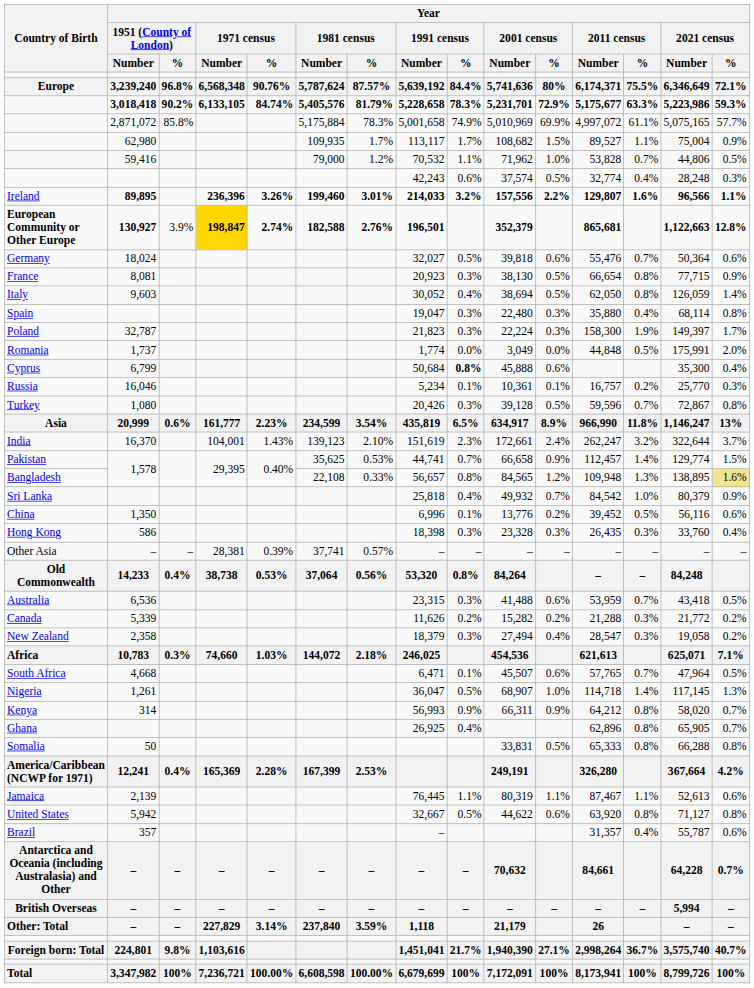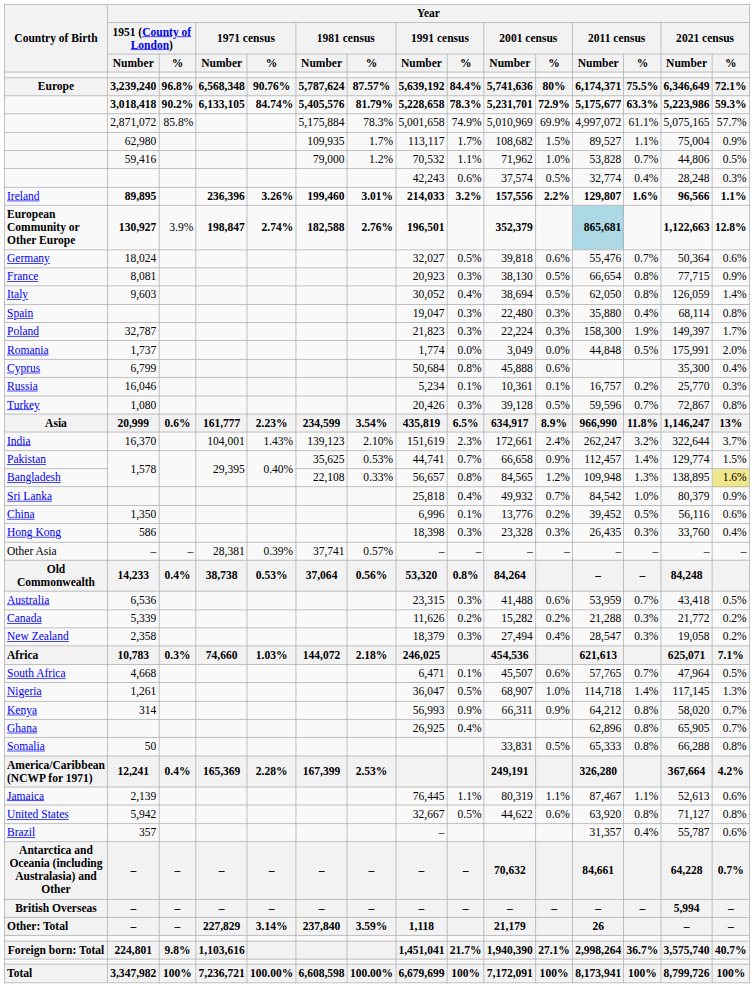 <table class="wikitable sortable mw-collapsible" style="text-align:right">
 <tr>
 <th rowspan="3">Country of Birth</th>
 <th colspan="14">Year</th>
 </tr>
 <tr>
 <th colspan="2">1951 (<a href='#'>County of London</a>)</th>
 <th colspan="2">1971 census</th>
 <th colspan="2">1981 census</th>
 <th colspan="2">1991 census</th>
 <th colspan="2">2001 census</th>
 <th colspan="2">2011 census</th>
 <th colspan="2">2021 census</th>
 </tr>
 <tr>
 <th>Number</th>
 <th>%</th>
 <th>Number</th>
 <th>%</th>
 <th>Number</th>
 <th>%</th>
 <th>Number</th>
 <th>%</th>
 <th>Number</th>
 <th>%</th>
 <th>Number</th>
 <th>%</th>
 <th>Number</th>
 <th>%</th>
 </tr>
 <tr>
 <td></td>
 <td></td>
 <td></td>
 <td></td>
 <td></td>
 <td></td>
 <td></td>
 <td></td>
 <td></td>
 <td></td>
 <td></td>
 <td></td>
 <td></td>
 <td></td>
 <td></td>
 </tr>
 <tr>
 <th>Europe</th>
 <th>3,239,240</th>
 <th>96.8%</th>
 <th>6,568,348</th>
 <th>90.76%</th>
 <th>5,787,624</th>
 <th>87.57%</th>
 <th>5,639,192</th>
 <th>84.4%</th>
 <th>5,741,636</th>
 <th>80%</th>
 <th>6,174,371</th>
 <th>75.5%</th>
 <th>6,346,649</th>
 <th>72.1%</th>
 </tr>
 <tr>
 <td scope="row" style="text-align:left"></td>
 <td><strong>3,018,418</strong></td>
 <td><strong>90.2%</strong></td>
 <td><strong>6,133,105</strong></td>
 <td><strong>84.74%</strong></td>
 <td><strong>5,405,576</strong></td>
 <td><strong>81.79%</strong></td>
 <td><strong>5,228,658</strong></td>
 <td><strong>78.3%</strong></td>
 <td><strong>5,231,701</strong></td>
 <td><strong>72.9%</strong></td>
 <td><strong>5,175,677</strong></td>
 <td><strong>63.3%</strong></td>
 <td><strong>5,223,986</strong></td>
 <td><strong>59.3%</strong></td>
 </tr>
 <tr>
 <td scope="row" style="text-align:left"></td>
 <td>2,871,072</td>
 <td>85.8%</td>
 <td></td>
 <td></td>
 <td>5,175,884</td>
 <td>78.3%</td>
 <td>5,001,658</td>
 <td>74.9%</td>
 <td>5,010,969</td>
 <td>69.9%</td>
 <td>4,997,072</td>
 <td>61.1%</td>
 <td>5,075,165</td>
 <td>57.7%</td>
 </tr>
 <tr>
 <td scope="row" style="text-align:left"></td>
 <td>62,980</td>
 <td></td>
 <td></td>
 <td></td>
 <td>109,935</td>
 <td>1.7%</td>
 <td>113,117</td>
 <td>1.7%</td>
 <td>108,682</td>
 <td>1.5%</td>
 <td>89,527</td>
 <td>1.1%</td>
 <td>75,004</td>
 <td>0.9%</td>
 </tr>
 <tr>
 <td scope="row" style="text-align:left"></td>
 <td>59,416</td>
 <td></td>
 <td></td>
 <td></td>
 <td>79,000</td>
 <td>1.2%</td>
 <td>70,532</td>
 <td>1.1%</td>
 <td>71,962</td>
 <td>1.0%</td>
 <td>53,828</td>
 <td>0.7%</td>
 <td>44,806</td>
 <td>0.5%</td>
 </tr>
 <tr>
 <td scope="row" style="text-align:left"></td>
 <td></td>
 <td></td>
 <td></td>
 <td></td>
 <td></td>
 <td></td>
 <td>42,243</td>
 <td>0.6%</td>
 <td>37,574</td>
 <td>0.5%</td>
 <td>32,774</td>
 <td>0.4%</td>
 <td>28,248</td>
 <td>0.3%</td>
 </tr>
 <tr>
 <td scope="row" style="text-align:left"> <a href='#'>Ireland</a></td>
 <td><strong>89,895</strong></td>
 <td></td>
 <td><strong>236,396</strong></td>
 <td><strong>3.26%</strong></td>
 <td><strong>199,460</strong></td>
 <td><strong>3.01%</strong></td>
 <td><strong>214,033</strong></td>
 <td><strong>3.2%</strong></td>
 <td><strong>157,556</strong></td>
 <td><strong>2.2%</strong></td>
 <td><strong>129,807</strong></td>
 <td><strong>1.6%</strong></td>
 <td><strong>96,566</strong></td>
 <td><strong>1.1%</strong></td>
 </tr>
 <tr>
 <td scope="row" style="text-align:left"><strong>European Community or Other Europe</strong></td>
 <td><strong>130,927</strong></td>
 <td>3.9%</td>
-<td style="background: gold;"><strong>198,847</strong></td>
+<td><strong>198,847</strong></td>
 <td><strong>2.74%</strong></td>
 <td><strong>182,588</strong></td>
 <td><strong>2.76%</strong></td>
 <td><strong>196,501</strong></td>
 <td></td>
 <td><strong>352,379</strong></td>
 <td></td>
-<td><strong>865,681</strong></td>
+<td style="background: lightblue;"><strong>865,681</strong></td>
 <td></td>
 <td><strong>1,122,663</strong></td>
 <td><strong>12.8%</strong></td>
 </tr>
 <tr>
 <td scope="row" style="text-align:left"> <a href='#'>Germany</a></td>
 <td>18,024</td>
 <td></td>
 <td></td>
 <td></td>
 <td></td>
 <td></td>
 <td>32,027</td>
 <td>0.5%</td>
 <td>39,818</td>
 <td>0.6%</td>
 <td>55,476</td>
 <td>0.7%</td>
 <td>50,364</td>
 <td>0.6%</td>
 </tr>
 <tr>
 <td scope="row" style="text-align:left"> <a href='#'>France</a></td>
 <td>8,081</td>
 <td></td>
 <td></td>
 <td></td>
 <td></td>
 <td></td>
 <td>20,923</td>
 <td>0.3%</td>
 <td>38,130</td>
 <td>0.5%</td>
 <td>66,654</td>
 <td>0.8%</td>
 <td>77,715</td>
 <td>0.9%</td>
 </tr>
 <tr>
 <td scope="row" style="text-align:left"> <a href='#'>Italy</a></td>
 <td>9,603</td>
 <td></td>
 <td></td>
 <td></td>
 <td></td>
 <td></td>
 <td>30,052</td>
 <td>0.4%</td>
 <td>38,694</td>
 <td>0.5%</td>
 <td>62,050</td>
 <td>0.8%</td>
 <td>126,059</td>
 <td>1.4%</td>
 </tr>
 <tr>
 <td scope="row" style="text-align:left"> <a href='#'>Spain</a></td>
 <td></td>
 <td></td>
 <td></td>
 <td></td>
 <td></td>
 <td></td>
 <td>19,047</td>
 <td>0.3%</td>
 <td>22,480</td>
 <td>0.3%</td>
 <td>35,880</td>
 <td>0.4%</td>
 <td>68,114</td>
 <td>0.8%</td>
 </tr>
 <tr>
 <td scope="row" style="text-align:left"> <a href='#'>Poland</a></td>
 <td>32,787</td>
 <td></td>
 <td></td>
 <td></td>
 <td></td>
 <td></td>
 <td>21,823</td>
 <td>0.3%</td>
 <td>22,224</td>
 <td>0.3%</td>
 <td>158,300</td>
 <td>1.9%</td>
 <td>149,397</td>
 <td>1.7%</td>
 </tr>
 <tr>
 <td scope="row" style="text-align:left"> <a href='#'>Romania</a></td>
 <td>1,737</td>
 <td></td>
 <td></td>
 <td></td>
 <td></td>
 <td></td>
 <td>1,774</td>
 <td>0.0%</td>
 <td>3,049</td>
 <td>0.0%</td>
 <td>44,848</td>
 <td>0.5%</td>
 <td>175,991</td>
 <td>2.0%</td>
 </tr>
 <tr>
 <td scope="row" style="text-align:left"> <a href='#'>Cyprus</a></td>
 <td>6,799</td>
 <td></td>
 <td></td>
 <td></td>
 <td></td>
 <td></td>
 <td>50,684</td>
-<td><strong>0.8%</strong></td>
+<td>0.8%</td>
 <td>45,888</td>
 <td>0.6%</td>
 <td></td>
 <td></td>
 <td>35,300</td>
 <td>0.4%</td>
 </tr>
 <tr>
 <td scope="row" style="text-align:left"> <a href='#'>Russia</a></td>
 <td>16,046</td>
 <td></td>
 <td></td>
 <td></td>
 <td></td>
 <td></td>
 <td>5,234</td>
 <td>0.1%</td>
 <td>10,361</td>
 <td>0.1%</td>
 <td>16,757</td>
 <td>0.2%</td>
 <td>25,770</td>
 <td>0.3%</td>
 </tr>
 <tr>
 <td scope="row" style="text-align:left"> <a href='#'>Turkey</a></td>
 <td>1,080</td>
 <td></td>
 <td></td>
 <td></td>
 <td></td>
 <td></td>
 <td>20,426</td>
 <td>0.3%</td>
 <td>39,128</td>
 <td>0.5%</td>
 <td>59,596</td>
 <td>0.7%</td>
 <td>72,867</td>
 <td>0.8%</td>
 </tr>
 <tr>
 <th>Asia</th>
 <th>20,999</th>
 <th>0.6%</th>
 <th>161,777</th>
 <th>2.23%</th>
 <th>234,599</th>
 <th>3.54%</th>
 <th>435,819</th>
 <th>6.5%</th>
 <th>634,917</th>
 <th>8.9%</th>
 <th>966,990</th>
 <th>11.8%</th>
 <th>1,146,247</th>
 <th>13%</th>
 </tr>
 <tr>
 <td scope="row" style="text-align:left"> <a href='#'>India</a></td>
 <td>16,370</td>
 <td></td>
 <td>104,001</td>
 <td>1.43%</td>
 <td>139,123</td>
 <td>2.10%</td>
 <td>151,619</td>
 <td>2.3%</td>
 <td>172,661</td>
 <td>2.4%</td>
 <td>262,247</td>
 <td>3.2%</td>
 <td>322,644</td>
 <td>3.7%</td>
 </tr>
 <tr>
 <td scope="row" style="text-align:left"> <a href='#'>Pakistan</a></td>
 <td rowspan="2">1,578</td>
 <td rowspan="2"></td>
 <td rowspan="2">29,395</td>
 <td rowspan="2">0.40%</td>
 <td>35,625</td>
 <td>0.53%</td>
 <td>44,741</td>
 <td>0.7%</td>
 <td>66,658</td>
 <td>0.9%</td>
 <td>112,457</td>
 <td>1.4%</td>
 <td>129,774</td>
 <td>1.5%</td>
 </tr>
 <tr>
 <td scope="row" style="text-align:left"> <a href='#'>Bangladesh</a></td>
 <td>22,108</td>
 <td>0.33%</td>
 <td>56,657</td>
 <td>0.8%</td>
 <td>84,565</td>
 <td>1.2%</td>
 <td>109,948</td>
 <td>1.3%</td>
 <td>138,895</td>
 <td style="background: khaki;">1.6%</td>
 </tr>
 <tr>
 <td scope="row" style="text-align:left"> <a href='#'>Sri Lanka</a></td>
 <td></td>
 <td></td>
 <td></td>
 <td></td>
 <td></td>
 <td></td>
 <td>25,818</td>
 <td>0.4%</td>
 <td>49,932</td>
 <td>0.7%</td>
 <td>84,542</td>
 <td>1.0%</td>
 <td>80,379</td>
 <td>0.9%</td>
 </tr>
 <tr>
 <td scope="row" style="text-align:left"> <a href='#'>China</a></td>
 <td>1,350</td>
 <td></td>
 <td></td>
 <td></td>
 <td></td>
 <td></td>
 <td>6,996</td>
 <td>0.1%</td>
 <td>13,776</td>
 <td>0.2%</td>
 <td>39,452</td>
 <td>0.5%</td>
 <td>56,116</td>
 <td>0.6%</td>
 </tr>
 <tr>
 <td scope="row" style="text-align:left"> <a href='#'>Hong Kong</a></td>
 <td>586</td>
 <td></td>
 <td></td>
 <td></td>
 <td></td>
 <td></td>
 <td>18,398</td>
 <td>0.3%</td>
 <td>23,328</td>
 <td>0.3%</td>
 <td>26,435</td>
 <td>0.3%</td>
 <td>33,760</td>
 <td>0.4%</td>
 </tr>
 <tr>
 <td scope="row" style="text-align:left">Other Asia</td>
 <td>–</td>
 <td>–</td>
 <td>28,381</td>
 <td>0.39%</td>
 <td>37,741</td>
 <td>0.57%</td>
 <td>–</td>
 <td>–</td>
 <td>–</td>
 <td>–</td>
 <td>–</td>
 <td>–</td>
 <td>–</td>
 <td>–</td>
 </tr>
 <tr>
 <th>Old Commonwealth</th>
 <th>14,233</th>
 <th>0.4%</th>
 <th>38,738</th>
 <th>0.53%</th>
 <th>37,064</th>
 <th>0.56%</th>
 <th>53,320</th>
 <th>0.8%</th>
 <th>84,264</th>
 <th></th>
 <th>–</th>
 <th>–</th>
 <th>84,248</th>
 <th></th>
 </tr>
 <tr>
 <td scope="row" style="text-align:left"> <a href='#'>Australia</a></td>
 <td>6,536</td>
 <td></td>
 <td></td>
 <td></td>
 <td></td>
 <td></td>
 <td>23,315</td>
 <td>0.3%</td>
 <td>41,488</td>
 <td>0.6%</td>
 <td>53,959</td>
 <td>0.7%</td>
 <td>43,418</td>
 <td>0.5%</td>
 </tr>
 <tr>
 <td scope="row" style="text-align:left"> <a href='#'>Canada</a></td>
 <td>5,339</td>
 <td></td>
 <td></td>
 <td></td>
 <td></td>
 <td></td>
 <td>11,626</td>
 <td>0.2%</td>
 <td>15,282</td>
 <td>0.2%</td>
 <td>21,288</td>
 <td>0.3%</td>
 <td>21,772</td>
 <td>0.2%</td>
 </tr>
 <tr>
 <td scope="row" style="text-align:left"> <a href='#'>New Zealand</a></td>
 <td>2,358</td>
 <td></td>
 <td></td>
 <td></td>
 <td></td>
 <td></td>
 <td>18,379</td>
 <td>0.3%</td>
 <td>27,494</td>
 <td>0.4%</td>
 <td>28,547</td>
 <td>0.3%</td>
 <td>19,058</td>
 <td>0.2%</td>
 </tr>
 <tr>
 <th scope="row" style="text-align:left">Africa</th>
 <th>10,783</th>
 <th>0.3%</th>
 <th>74,660</th>
 <th>1.03%</th>
 <th>144,072</th>
 <th>2.18%</th>
 <th>246,025</th>
 <th></th>
 <th>454,536</th>
 <th></th>
 <th>621,613</th>
 <th></th>
 <th>625,071</th>
 <th>7.1%</th>
 </tr>
 <tr>
 <td scope="row" style="text-align:left"> <a href='#'>South Africa</a></td>
 <td>4,668</td>
 <td></td>
 <td></td>
 <td></td>
 <td></td>
 <td></td>
 <td>6,471</td>
 <td>0.1%</td>
 <td>45,507</td>
 <td>0.6%</td>
 <td>57,765</td>
 <td>0.7%</td>
 <td>47,964</td>
 <td>0.5%</td>
 </tr>
 <tr>
 <td scope="row" style="text-align:left"> <a href='#'>Nigeria</a></td>
 <td>1,261</td>
 <td></td>
 <td></td>
 <td></td>
 <td></td>
 <td></td>
 <td>36,047</td>
 <td>0.5%</td>
 <td>68,907</td>
 <td>1.0%</td>
 <td>114,718</td>
 <td>1.4%</td>
 <td>117,145</td>
 <td>1.3%</td>
 </tr>
 <tr>
 <td scope="row" style="text-align:left"> <a href='#'>Kenya</a></td>
 <td>314</td>
 <td></td>
 <td></td>
 <td></td>
 <td></td>
 <td></td>
 <td>56,993</td>
 <td>0.9%</td>
 <td>66,311</td>
 <td>0.9%</td>
 <td>64,212</td>
 <td>0.8%</td>
 <td>58,020</td>
 <td>0.7%</td>
 </tr>
 <tr>
 <td scope="row" style="text-align:left"> <a href='#'>Ghana</a></td>
 <td></td>
 <td></td>
 <td></td>
 <td></td>
 <td></td>
 <td></td>
 <td>26,925</td>
 <td>0.4%</td>
 <td></td>
 <td></td>
 <td>62,896</td>
 <td>0.8%</td>
 <td>65,905</td>
 <td>0.7%</td>
 </tr>
 <tr>
 <td scope="row" style="text-align:left"> <a href='#'>Somalia</a></td>
 <td>50</td>
 <td></td>
 <td></td>
 <td></td>
 <td></td>
 <td></td>
 <td></td>
 <td></td>
 <td>33,831</td>
 <td>0.5%</td>
 <td>65,333</td>
 <td>0.8%</td>
 <td>66,288</td>
 <td>0.8%</td>
 </tr>
 <tr>
 <th scope="row" style="text-align:left">America/Caribbean (NCWP for 1971)</th>
 <th>12,241</th>
 <th>0.4%</th>
 <th>165,369</th>
 <th>2.28%</th>
 <th>167,399</th>
 <th>2.53%</th>
 <th></th>
 <th></th>
 <th>249,191</th>
 <th></th>
 <th>326,280</th>
 <th></th>
 <th>367,664</th>
 <th>4.2%</th>
 </tr>
 <tr>
 <td scope="row" style="text-align:left"> <a href='#'>Jamaica</a></td>
 <td>2,139</td>
 <td></td>
 <td></td>
 <td></td>
 <td></td>
 <td></td>
 <td>76,445</td>
 <td>1.1%</td>
 <td>80,319</td>
 <td>1.1%</td>
 <td>87,467</td>
 <td>1.1%</td>
 <td>52,613</td>
 <td>0.6%</td>
 </tr>
 <tr>
 <td scope="row" style="text-align:left"> <a href='#'>United States</a></td>
 <td>5,942</td>
 <td></td>
 <td></td>
 <td></td>
 <td></td>
 <td></td>
 <td>32,667</td>
 <td>0.5%</td>
 <td>44,622</td>
 <td>0.6%</td>
 <td>63,920</td>
 <td>0.8%</td>
 <td>71,127</td>
 <td>0.8%</td>
 </tr>
 <tr>
 <td scope="row" style="text-align:left"> <a href='#'>Brazil</a></td>
 <td>357</td>
 <td></td>
 <td></td>
 <td></td>
 <td></td>
 <td></td>
 <td>–</td>
 <td></td>
 <td></td>
 <td></td>
 <td>31,357</td>
 <td>0.4%</td>
 <td>55,787</td>
 <td>0.6%</td>
 </tr>
 <tr>
 <th>Antarctica and Oceania (including Australasia) and Other</th>
 <th>–</th>
 <th>–</th>
 <th>–</th>
 <th>–</th>
 <th>–</th>
 <th>–</th>
 <th>–</th>
 <th>–</th>
 <th>70,632</th>
 <th></th>
 <th>84,661</th>
 <th></th>
 <th>64,228</th>
 <th>0.7%</th>
 </tr>
 <tr>
 <th>British Overseas</th>
 <th>–</th>
 <th>–</th>
 <th>–</th>
 <th>–</th>
 <th>–</th>
 <th>–</th>
 <th>–</th>
 <th>–</th>
 <th>–</th>
 <th>–</th>
 <th>–</th>
 <th>–</th>
 <th>5,994</th>
 <th>–</th>
 </tr>
 <tr>
 <th scope="row" style="text-align:left">Other: Total</th>
 <th>–</th>
 <th>–</th>
 <th>227,829</th>
 <th>3.14%</th>
 <th>237,840</th>
 <th>3.59%</th>
 <th>1,118</th>
 <th></th>
 <th>21,179</th>
 <th></th>
 <th>26</th>
 <th></th>
 <th>–</th>
 <th>–</th>
 </tr>
 <tr>
 <td></td>
 <td></td>
 <td></td>
 <td></td>
 <td></td>
 <td></td>
 <td></td>
 <td></td>
 <td></td>
 <td></td>
 <td></td>
 <td></td>
 <td></td>
 <td></td>
 <td></td>
 </tr>
 <tr>
 <th>Foreign born: Total</th>
 <th>224,801</th>
 <th>9.8%</th>
 <th>1,103,616</th>
 <th></th>
 <th></th>
 <th></th>
 <th>1,451,041</th>
 <th>21.7%</th>
 <th>1,940,390</th>
 <th>27.1%</th>
 <th>2,998,264</th>
 <th>36.7%</th>
 <th>3,575,740</th>
 <th>40.7%</th>
 </tr>
 <tr>
 <td></td>
 <td></td>
 <td></td>
 <td></td>
 <td></td>
 <td></td>
 <td></td>
 <td></td>
 <td></td>
 <td></td>
 <td></td>
 <td></td>
 <td></td>
 <td></td>
 <td></td>
 </tr>
 <tr>
 <th scope="row" style="text-align:left">Total</th>
 <th>3,347,982</th>
 <th>100%</th>
 <th>7,236,721</th>
 <th>100.00%</th>
 <th>6,608,598</th>
 <th>100.00%</th>
 <th>6,679,699</th>
 <th>100%</th>
 <th>7,172,091</th>
 <th>100%</th>
 <th>8,173,941</th>
 <th>100%</th>
 <th>8,799,726</th>
 <th>100%</th>
 </tr>
 </table>
